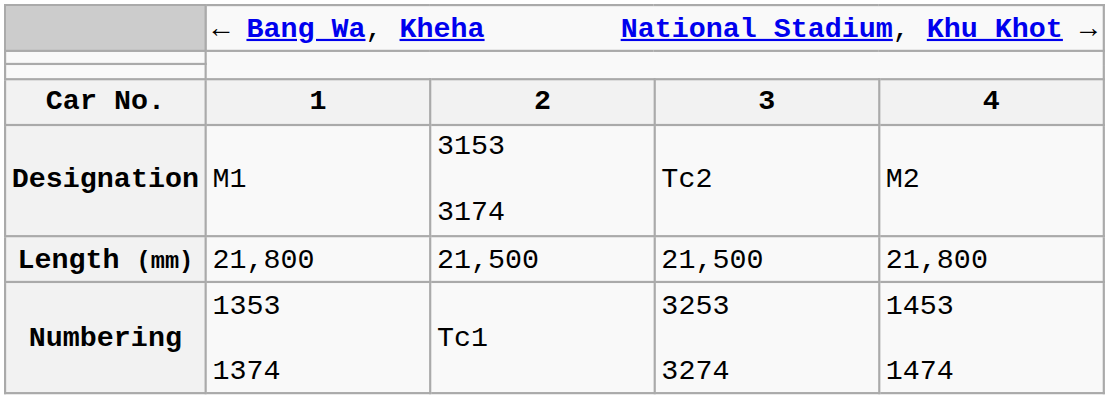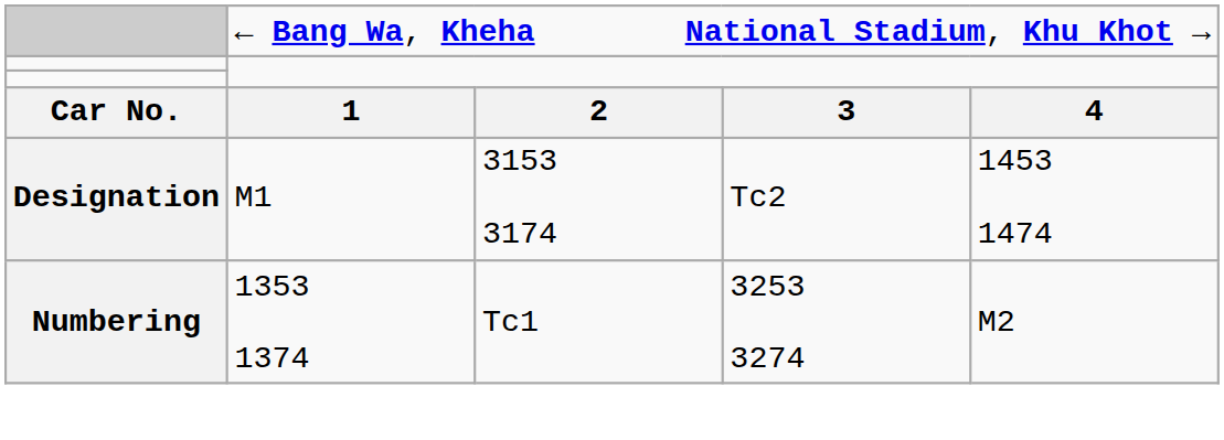 <table class="wikitable">
 <tr>
 <td style="background-color:#ccc;"> </td>
 <td colspan="4">← <a href='#'><strong>Bang Wa</strong></a>, <a href='#'><strong>Kheha</strong></a>                                                   <a href='#'><strong>National Stadium</strong></a>, <strong><a href='#'>Khu Khot</a></strong> →</td>
 </tr>
 <tr>
 <td style="background:#"></td>
 </tr>
 <tr>
 <td style="background:#"></td>
 </tr>
 <tr>
 <th>Car No.</th>
 <th>1</th>
 <th>2</th>
 <th>3</th>
 <th>4</th>
 </tr>
 <tr>
 <th>Designation</th>
 <td>M1</td>
 <td>3153<br><br>3174</td>
 <td>Tc2</td>
-<td>M2</td>
-</tr>
-<tr>
-<th>Length <small>(mm)</small></th>
-<td>21,800</td>
-<td>21,500</td>
-<td>21,500</td>
-<td>21,800</td>
+<td>1453<br><br>1474</td>
 </tr>
 <tr>
 <th>Numbering</th>
 <td>1353<br><br>1374</td>
 <td>Tc1</td>
 <td>3253<br><br>3274</td>
-<td>1453<br><br>1474</td>
+<td>M2</td>
 </tr>
 </table>
